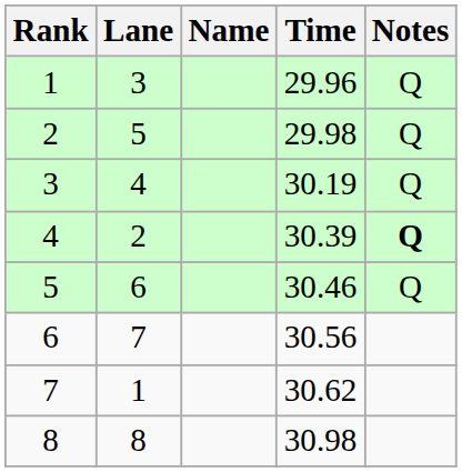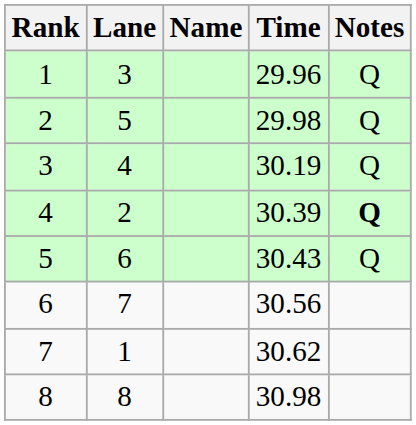 <table class="wikitable sortable" style="text-align:center">
 <tr>
 <th>Rank</th>
 <th>Lane</th>
 <th>Name</th>
 <th>Time</th>
 <th>Notes</th>
 </tr>
 <tr bgcolor=ccffcc>
 <td>1</td>
 <td>3</td>
 <td align=left></td>
 <td>29.96</td>
 <td>Q</td>
 </tr>
 <tr bgcolor=ccffcc>
 <td>2</td>
 <td>5</td>
 <td align=left></td>
 <td>29.98</td>
 <td>Q</td>
 </tr>
 <tr bgcolor=ccffcc>
 <td>3</td>
 <td>4</td>
 <td align=left></td>
 <td>30.19</td>
 <td>Q</td>
 </tr>
 <tr bgcolor=ccffcc>
 <td>4</td>
 <td>2</td>
 <td align=left></td>
 <td>30.39</td>
 <td><strong>Q</strong></td>
 </tr>
 <tr bgcolor=ccffcc>
 <td>5</td>
 <td>6</td>
 <td align=left></td>
-<td>30.46</td>
+<td>30.43</td>
 <td>Q</td>
 </tr>
 <tr>
 <td>6</td>
 <td>7</td>
 <td align=left></td>
 <td>30.56</td>
 <td></td>
 </tr>
 <tr>
 <td>7</td>
 <td>1</td>
 <td align=left></td>
 <td>30.62</td>
 <td></td>
 </tr>
 <tr>
 <td>8</td>
 <td>8</td>
 <td align=left></td>
 <td>30.98</td>
 <td></td>
 </tr>
 </table>
